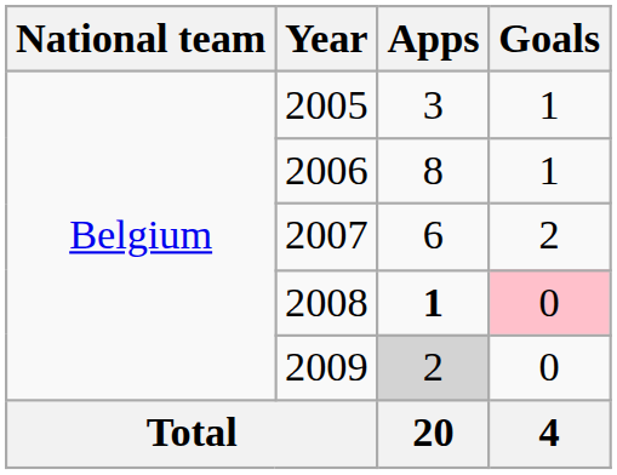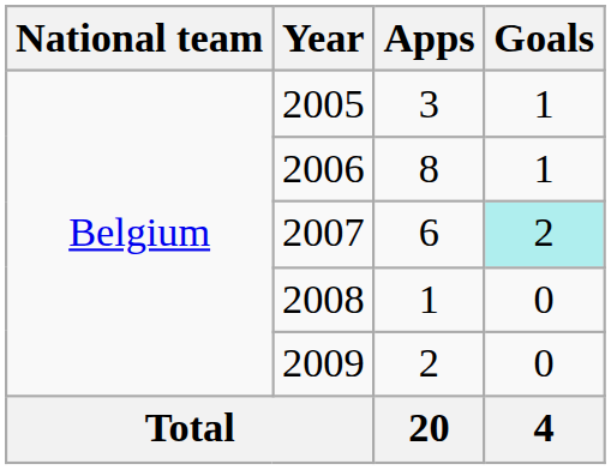 <table class="wikitable" style="text-align: center;">
 <tr>
 <th>National team</th>
 <th>Year</th>
 <th>Apps</th>
 <th>Goals</th>
 </tr>
 <tr>
 <td rowspan=5><a href='#'>Belgium</a></td>
 <td>2005</td>
 <td>3</td>
 <td>1</td>
 </tr>
 <tr>
 <td>2006</td>
 <td>8</td>
 <td>1</td>
 </tr>
 <tr>
 <td>2007</td>
 <td>6</td>
-<td>2</td>
+<td style="background: paleturquoise;">2</td>
 </tr>
 <tr>
 <td>2008</td>
-<td><strong>1</strong></td>
-<td style="background: pink;">0</td>
+<td>1</td>
+<td>0</td>
 </tr>
 <tr>
 <td>2009</td>
-<td style="background: lightgrey;">2</td>
+<td>2</td>
 <td>0</td>
 </tr>
 <tr>
 <th colspan=2>Total</th>
 <th>20</th>
 <th>4</th>
 </tr>
 </table>
